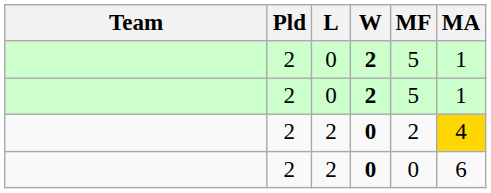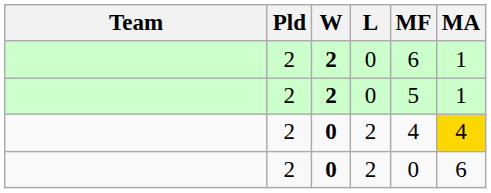 <table class=wikitable style="text-align:center">
 <tr>
 <th width=175>Team</th>
 <th width=20>Pld</th>
+<th width=20>W</th>
 <th width=20>L</th>
-<th width=20>W</th>
 <th width=20>MF</th>
 <th width=20>MA</th>
 </tr>
 <tr bgcolor=ccffcc>
 <td style="text-align:left"></td>
 <td>2</td>
+<td><strong>2</strong></td>
 <td>0</td>
-<td><strong>2</strong></td>
-<td>5</td>
+<td>6</td>
 <td>1</td>
 </tr>
 <tr bgcolor=ccffcc>
 <td style="text-align:left"></td>
 <td>2</td>
+<td><strong>2</strong></td>
 <td>0</td>
-<td><strong>2</strong></td>
 <td>5</td>
 <td>1</td>
 </tr>
 <tr>
 <td style="text-align:left"></td>
 <td>2</td>
-<td>2</td>
 <td><strong>0</strong></td>
 <td>2</td>
+<td>4</td>
 <td style="background: gold;">4</td>
 </tr>
 <tr>
 <td style="text-align:left"></td>
 <td>2</td>
+<td><strong>0</strong></td>
 <td>2</td>
-<td><strong>0</strong></td>
 <td>0</td>
 <td>6</td>
 </tr>
 </table>
